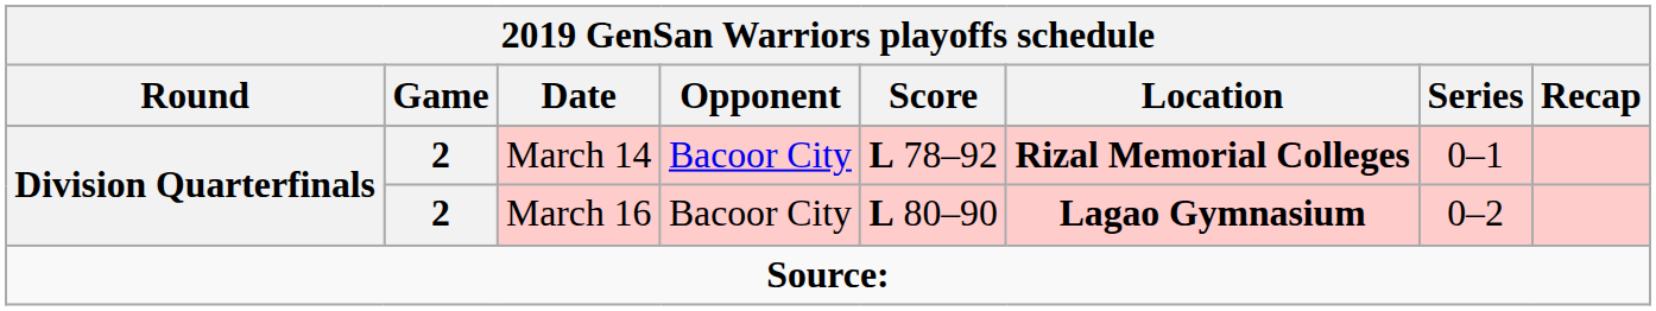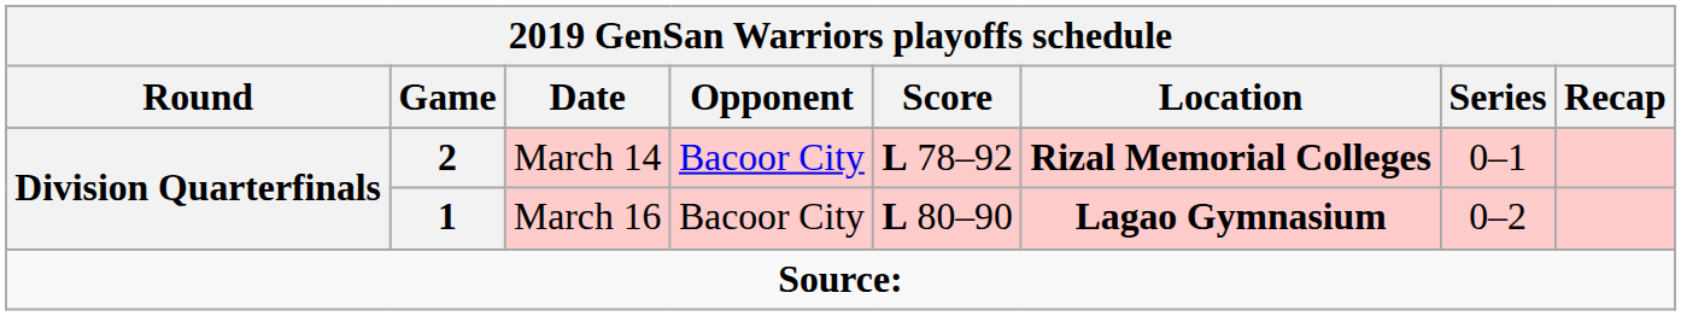 <table class="wikitable" style="text-align:center">
 <tr>
 <th colspan=8>2019 GenSan Warriors playoffs schedule</th>
 </tr>
 <tr>
 <th>Round</th>
 <th>Game</th>
 <th>Date</th>
 <th>Opponent</th>
 <th>Score</th>
 <th>Location</th>
 <th>Series</th>
 <th>Recap<br></th>
 </tr>
 <tr style="background:#fcc">
 <th rowspan=2>Division Quarterfinals</th>
 <th>2</th>
 <td>March 14</td>
 <td><a href='#'>Bacoor City</a></td>
 <td><strong>L</strong> 78–92</td>
 <td><strong>Rizal Memorial Colleges</strong></td>
 <td>0–1</td>
 <td></td>
 </tr>
 <tr style="background:#fcc">
-<th>2</th>
+<th>1</th>
 <td>March 16</td>
 <td>Bacoor City</td>
 <td><strong>L</strong> 80–90</td>
 <td><strong>Lagao Gymnasium</strong></td>
 <td>0–2</td>
 <td></td>
 </tr>
 <tr>
 <td colspan=8 align=center><strong>Source: </strong></td>
 </tr>
 </table>
